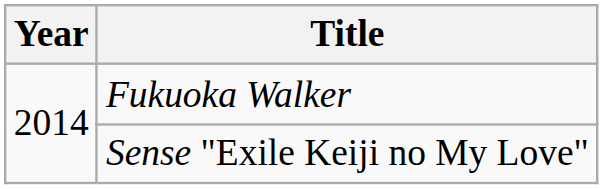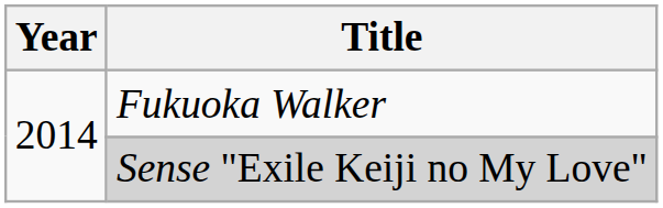 <table class="wikitable">
 <tr>
 <th>Year</th>
 <th>Title</th>
 </tr>
 <tr>
 <td rowspan="2">2014</td>
 <td><em>Fukuoka Walker</em></td>
 </tr>
 <tr>
-<td><em>Sense</em> "Exile Keiji no My Love"</td>
+<td style="background: lightgrey;"><em>Sense</em> "Exile Keiji no My Love"</td>
 </tr>
 </table>
